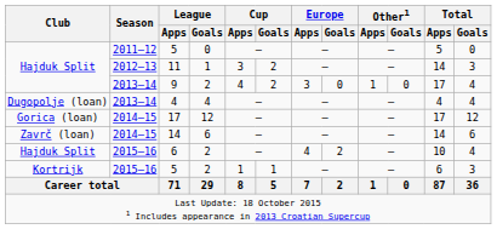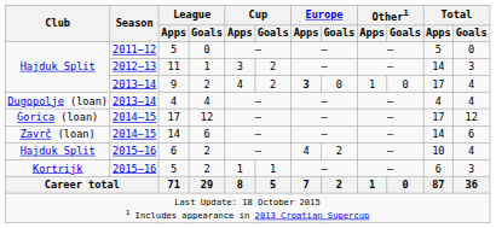 <table class="wikitable" style="font-size:100%; text-align: center">
 <tr>
 <th rowspan="2">Club</th>
 <th rowspan="2">Season</th>
 <th colspan="2">League</th>
 <th colspan="2">Cup</th>
 <th colspan="2"><a href='#'>Europe</a></th>
 <th colspan="2">Other<sup>1</sup></th>
 <th colspan="2">Total</th>
 </tr>
 <tr>
 <th>Apps</th>
 <th>Goals</th>
 <th>Apps</th>
 <th>Goals</th>
 <th>Apps</th>
 <th>Goals</th>
 <th>Apps</th>
 <th>Goals</th>
 <th>Apps</th>
 <th>Goals</th>
 </tr>
 <tr>
 <td rowspan="3" valign="center"><a href='#'>Hajduk Split</a></td>
 <td><a href='#'>2011–12</a></td>
 <td>5</td>
 <td>0</td>
 <td colspan="2">–</td>
 <td colspan="2">–</td>
 <td colspan="2">–</td>
 <td>5</td>
 <td>0</td>
 </tr>
 <tr>
 <td><a href='#'>2012–13</a></td>
 <td>11</td>
 <td>1</td>
 <td>3</td>
 <td>2</td>
 <td colspan="2">–</td>
 <td colspan="2">–</td>
 <td>14</td>
 <td>3</td>
 </tr>
 <tr>
 <td><a href='#'>2013–14</a></td>
 <td>9</td>
 <td>2</td>
 <td>4</td>
 <td>2</td>
-<td>3</td>
+<td><strong>3</strong></td>
 <td>0</td>
 <td>1</td>
 <td>0</td>
 <td>17</td>
 <td>4</td>
 </tr>
 <tr>
 <td rowspan="1" valign="center"><a href='#'>Dugopolje</a> (loan)</td>
 <td><a href='#'>2013–14</a></td>
 <td>4</td>
 <td>4</td>
 <td colspan="2">–</td>
 <td colspan="2">–</td>
 <td colspan="2">–</td>
 <td>4</td>
 <td>4</td>
 </tr>
 <tr>
 <td rowspan="1" valign="center"><a href='#'>Gorica</a> (loan)</td>
 <td><a href='#'>2014–15</a></td>
 <td>17</td>
 <td>12</td>
 <td colspan="2">–</td>
 <td colspan="2">–</td>
 <td colspan="2">–</td>
 <td>17</td>
 <td>12</td>
 </tr>
 <tr>
 <td rowspan="1" valign="center"><a href='#'>Zavrč</a> (loan)</td>
 <td><a href='#'>2014–15</a></td>
 <td>14</td>
 <td>6</td>
 <td colspan="2">–</td>
 <td colspan="2">–</td>
 <td colspan="2">–</td>
 <td>14</td>
 <td>6</td>
 </tr>
 <tr>
 <td rowspan="1" valign="center"><a href='#'>Hajduk Split</a></td>
 <td><a href='#'>2015–16</a></td>
 <td>6</td>
 <td>2</td>
 <td colspan="2">–</td>
 <td>4</td>
 <td>2</td>
 <td colspan="2">–</td>
 <td>10</td>
 <td>4</td>
 </tr>
 <tr>
 <td rowspan="1" valign="center"><a href='#'>Kortrijk</a></td>
 <td><a href='#'>2015–16</a></td>
 <td>5</td>
 <td>2</td>
 <td>1</td>
 <td>1</td>
 <td colspan="2">–</td>
 <td colspan="2">–</td>
 <td>6</td>
 <td>3</td>
 </tr>
 <tr>
 <th colspan=2>Career total</th>
 <th>71</th>
 <th>29</th>
 <th>8</th>
 <th>5</th>
 <th>7</th>
 <th>2</th>
 <th>1</th>
 <th>0</th>
 <th>87</th>
 <th>36</th>
 </tr>
 <tr>
 <td colspan="12"><small>Last Update: 18 October 2015<big></big><br><sup>1</sup> Includes appearance in <a href='#'>2013 Croatian Supercup</a></small></td>
 </tr>
 </table>
